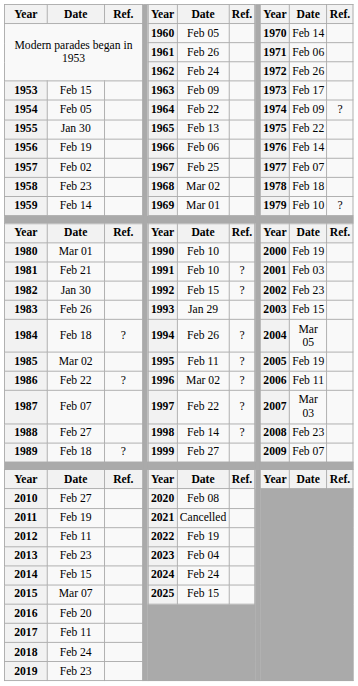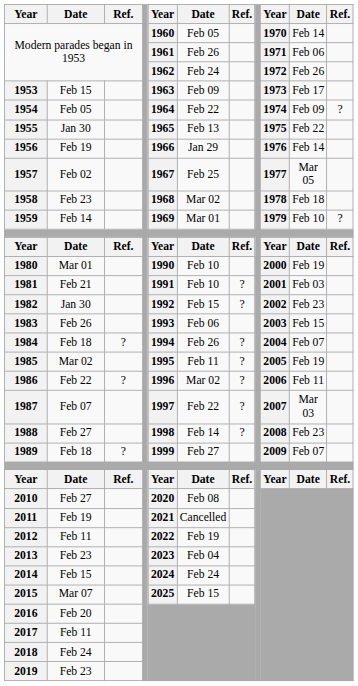 <table class="wikitable mw-collapsible collapsed floatright" style="width:30em; text-align:center; font-size:80%;">
 <tr>
 <th>Year</th>
 <th>Date</th>
 <th>Ref.</th>
 <td rowspan=40 style="background:#aaa;"></td>
 <th>Year</th>
 <th>Date</th>
 <th>Ref.</th>
 <td rowspan=40 style="background:#aaa;"></td>
 <th>Year</th>
 <th>Date</th>
 <th>Ref.</th>
 </tr>
 <tr>
 <td colspan=3 rowspan=3>Modern parades began in 1953</td>
 <th>1960 </th>
 <td>Feb 05</td>
 <td></td>
 <th>1970 </th>
 <td>Feb 14</td>
 <td></td>
 </tr>
 <tr>
 <th>1961 </th>
 <td>Feb 26</td>
 <td></td>
 <th>1971 </th>
 <td>Feb 06</td>
 <td></td>
 </tr>
 <tr>
 <th>1962 </th>
 <td>Feb 24</td>
 <td></td>
 <th>1972 </th>
 <td>Feb 26</td>
 <td></td>
 </tr>
 <tr>
 <th>1953 </th>
 <td>Feb 15</td>
 <td></td>
 <th>1963 </th>
 <td>Feb 09</td>
 <td></td>
 <th>1973 </th>
 <td>Feb 17</td>
 <td></td>
 </tr>
 <tr>
 <th>1954 </th>
 <td>Feb 05</td>
 <td></td>
 <th>1964 </th>
 <td>Feb 22</td>
 <td></td>
 <th>1974 </th>
 <td>Feb 09</td>
 <td>?</td>
 </tr>
 <tr>
 <th>1955 </th>
 <td>Jan 30</td>
 <td></td>
 <th>1965 </th>
 <td>Feb 13</td>
 <td></td>
 <th>1975 </th>
 <td>Feb 22</td>
 <td></td>
 </tr>
 <tr>
 <th>1956 </th>
 <td>Feb 19</td>
 <td></td>
 <th>1966 </th>
-<td>Feb 06</td>
+<td>Jan 29</td>
 <td></td>
 <th>1976 </th>
 <td>Feb 14</td>
 <td></td>
 </tr>
 <tr>
 <th>1957 </th>
 <td>Feb 02</td>
 <td></td>
 <th>1967 </th>
 <td>Feb 25</td>
 <td></td>
 <th>1977 </th>
-<td>Feb 07</td>
+<td>Mar 05</td>
 <td></td>
 </tr>
 <tr>
 <th>1958 </th>
 <td>Feb 23</td>
 <td></td>
 <th>1968 </th>
 <td>Mar 02</td>
 <td></td>
 <th>1978 </th>
 <td>Feb 18</td>
 <td></td>
 </tr>
 <tr>
 <th>1959 </th>
 <td>Feb 14</td>
 <td></td>
 <th>1969 </th>
 <td>Mar 01</td>
 <td></td>
 <th>1979 </th>
 <td>Feb 10</td>
 <td>?</td>
 </tr>
 <tr>
 <td colspan=11 style="font-size:150%;background:#aaa;"></td>
 </tr>
 <tr>
 <th>Year</th>
 <th>Date</th>
 <th>Ref.</th>
 <th>Year</th>
 <th>Date</th>
 <th>Ref.</th>
 <th>Year</th>
 <th>Date</th>
 <th>Ref.</th>
 </tr>
 <tr>
 <th>1980 </th>
 <td>Mar 01</td>
 <td></td>
 <th>1990 </th>
 <td>Feb 10</td>
 <td></td>
 <th>2000 </th>
 <td>Feb 19</td>
 <td></td>
 </tr>
 <tr>
 <th>1981 </th>
 <td>Feb 21</td>
 <td></td>
 <th>1991 </th>
 <td>Feb 10</td>
 <td>?</td>
 <th>2001 </th>
 <td>Feb 03</td>
 <td></td>
 </tr>
 <tr>
 <th>1982 </th>
 <td>Jan 30</td>
 <td></td>
 <th>1992 </th>
 <td>Feb 15</td>
 <td>?</td>
 <th>2002 </th>
 <td>Feb 23</td>
 <td></td>
 </tr>
 <tr>
 <th>1983 </th>
 <td>Feb 26</td>
 <td></td>
 <th>1993 </th>
-<td>Jan 29</td>
+<td>Feb 06</td>
 <td></td>
 <th>2003 </th>
 <td>Feb 15</td>
 <td></td>
 </tr>
 <tr>
 <th>1984 </th>
 <td>Feb 18</td>
 <td>?</td>
 <th>1994 </th>
 <td>Feb 26</td>
 <td>?</td>
 <th>2004 </th>
-<td>Mar 05</td>
+<td>Feb 07</td>
 <td></td>
 </tr>
 <tr>
 <th>1985 </th>
 <td>Mar 02</td>
 <td></td>
 <th>1995 </th>
 <td>Feb 11</td>
 <td>?</td>
 <th>2005 </th>
 <td>Feb 19</td>
 <td></td>
 </tr>
 <tr>
 <th>1986 </th>
 <td>Feb 22</td>
 <td>?</td>
 <th>1996 </th>
 <td>Mar 02</td>
 <td>?</td>
 <th>2006 </th>
 <td>Feb 11</td>
 <td></td>
 </tr>
 <tr>
 <th>1987 </th>
 <td>Feb 07</td>
 <td></td>
 <th>1997 </th>
 <td>Feb 22</td>
 <td>?</td>
 <th>2007 </th>
 <td>Mar 03</td>
 <td></td>
 </tr>
 <tr>
 <th>1988 </th>
 <td>Feb 27</td>
 <td></td>
 <th>1998 </th>
 <td>Feb 14</td>
 <td>?</td>
 <th>2008 </th>
 <td>Feb 23</td>
 <td></td>
 </tr>
 <tr>
 <th>1989 </th>
 <td>Feb 18</td>
 <td>?</td>
 <th>1999 </th>
 <td>Feb 27</td>
 <td></td>
 <th>2009 </th>
 <td>Feb 07</td>
 <td></td>
 </tr>
 <tr>
 <td colspan=11 style="font-size:150%;background:#aaa;"></td>
 </tr>
 <tr>
 <th>Year</th>
 <th>Date</th>
 <th>Ref.</th>
 <th>Year</th>
 <th>Date</th>
 <th>Ref.</th>
 <th>Year</th>
 <th>Date</th>
 <th>Ref.</th>
 </tr>
 <tr>
 <th>2010 </th>
 <td>Feb 27</td>
 <td></td>
 <th>2020 </th>
 <td>Feb 08</td>
 <td></td>
 <td colspan=3 rowspan=10 style="background:#aaa;"> <br></td>
 </tr>
 <tr>
 <th>2011 </th>
 <td>Feb 19</td>
 <td></td>
 <th>2021 </th>
 <td>Cancelled</td>
 <td><br></td>
 </tr>
 <tr>
 <th>2012 </th>
 <td>Feb 11</td>
 <td></td>
 <th>2022 </th>
 <td>Feb 19</td>
 <td><br></td>
 </tr>
 <tr>
 <th>2013 </th>
 <td>Feb 23</td>
 <td></td>
 <th>2023 </th>
 <td>Feb 04</td>
 <td><br></td>
 </tr>
 <tr>
 <th>2014 </th>
 <td>Feb 15</td>
 <td></td>
 <th>2024 </th>
 <td>Feb 24</td>
 <td><br></td>
 </tr>
 <tr>
 <th>2015 </th>
 <td>Mar 07</td>
 <td></td>
 <th>2025 </th>
 <td>Feb 15</td>
 <td><br></td>
 </tr>
 <tr>
 <th>2016 </th>
 <td>Feb 20</td>
 <td></td>
 <td colspan=3 rowspan=4 style="background:#aaa;"> <br> </td>
 </tr>
 <tr>
 <th>2017 </th>
 <td>Feb 11</td>
 <td><br> </td>
 </tr>
 <tr>
 <th>2018 </th>
 <td>Feb 24</td>
 <td><br> </td>
 </tr>
 <tr>
 <th>2019 </th>
 <td>Feb 23</td>
 <td><br> </td>
 </tr>
 </table>
